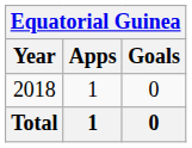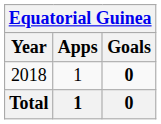 <table class="wikitable" style="text-align:center">
 <tr>
 <th colspan=3><a href='#'>Equatorial Guinea</a></th>
 </tr>
 <tr>
 <th>Year</th>
 <th>Apps</th>
 <th>Goals</th>
 </tr>
 <tr>
 <td>2018</td>
 <td>1</td>
-<td>0</td>
+<td><strong>0</strong></td>
 </tr>
 <tr>
 <th>Total</th>
 <th>1</th>
 <th>0</th>
 </tr>
 </table>
